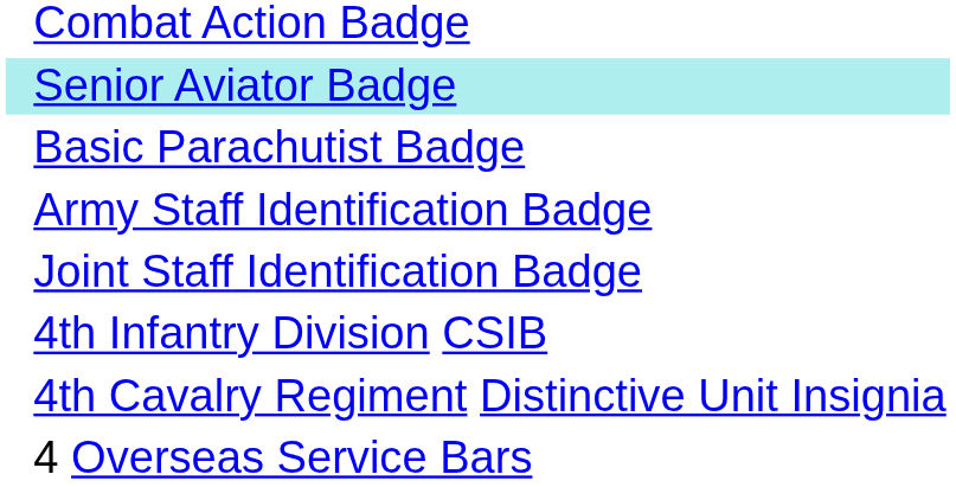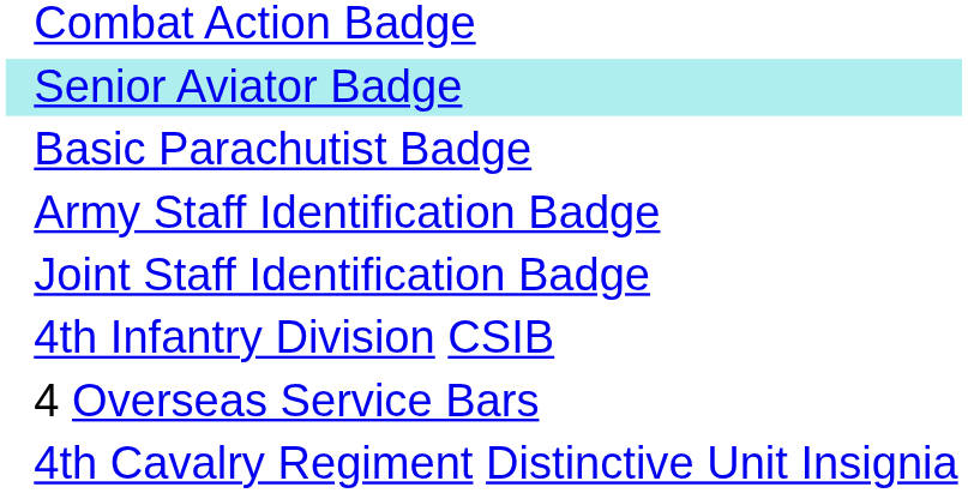 <table>
 <tr>
 <td>  <a href='#'>Combat Action Badge</a></td>
 </tr>
 <tr>
 <td style="background: paleturquoise;">  <a href='#'>Senior Aviator Badge</a></td>
 </tr>
 <tr>
 <td>  <a href='#'>Basic Parachutist Badge</a></td>
 </tr>
 <tr>
 <td>  <a href='#'>Army Staff Identification Badge</a></td>
 </tr>
 <tr>
 <td>  <a href='#'>Joint Staff Identification Badge</a></td>
 </tr>
 <tr>
 <td>  <a href='#'>4th Infantry Division</a> <a href='#'>CSIB</a></td>
 </tr>
 <tr>
+<td>  4 <a href='#'>Overseas Service Bars</a></td>
+</tr>
+<tr>
 <td>  <a href='#'>4th Cavalry Regiment</a> <a href='#'>Distinctive Unit Insignia</a></td>
 </tr>
-<tr>
-<td>  4 <a href='#'>Overseas Service Bars</a></td>
-</tr>
 </table>
